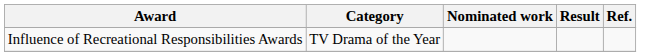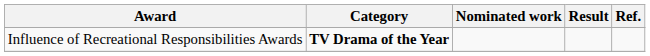 <table class="wikitable">
 <tr>
 <th>Award</th>
 <th>Category</th>
 <th>Nominated work</th>
 <th>Result</th>
 <th>Ref.</th>
 </tr>
 <tr>
 </tr>
 <tr>
 <td>Influence of Recreational Responsibilities Awards</td>
-<td>TV Drama of the Year</td>
+<td><strong>TV Drama of the Year</strong></td>
 <td></td>
 <td></td>
 <td></td>
 </tr>
 <tr>
 </tr>
 </table>
